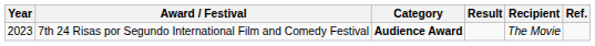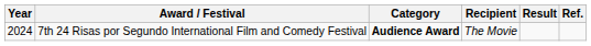 <table class="wikitable">
 <tr>
 <th>Year</th>
 <th>Award / Festival</th>
 <th>Category</th>
+<th>Recipient</th>
 <th>Result</th>
-<th>Recipient</th>
 <th>Ref.</th>
 </tr>
 <tr>
-<td>2023</td>
+<td>2024</td>
 <td>7th 24 Risas por Segundo International Film and Comedy Festival</td>
 <td><strong>Audience Award</strong></td>
+<td><em>The Movie</em></td>
 <td></td>
-<td><em>The Movie</em></td>
 <td></td>
 </tr>
 </table>
